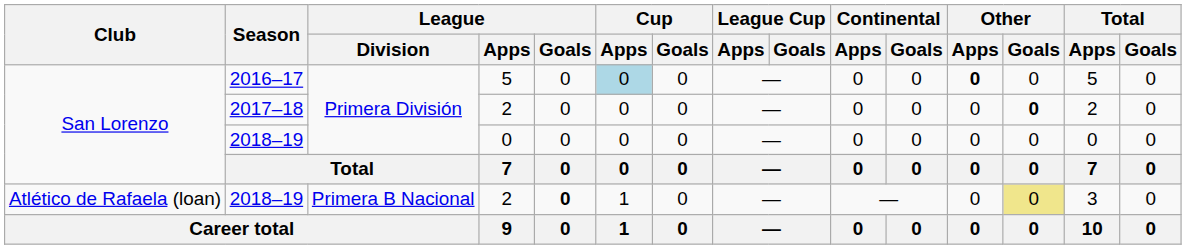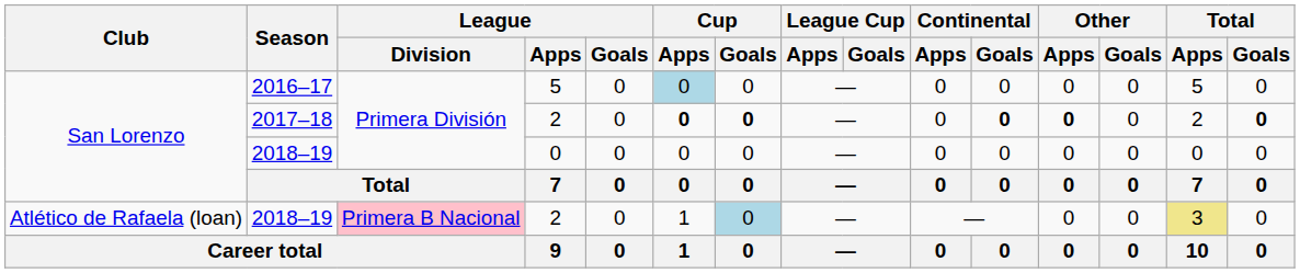 <table class="wikitable" style="text-align:center">
 <tr>
 <th rowspan="2">Club</th>
 <th rowspan="2">Season</th>
 <th colspan="3">League</th>
 <th colspan="2">Cup</th>
 <th colspan="2">League Cup</th>
 <th colspan="2">Continental</th>
 <th colspan="2">Other</th>
 <th colspan="2">Total</th>
 </tr>
 <tr>
 <th>Division</th>
 <th>Apps</th>
 <th>Goals</th>
 <th>Apps</th>
 <th>Goals</th>
 <th>Apps</th>
 <th>Goals</th>
 <th>Apps</th>
 <th>Goals</th>
 <th>Apps</th>
 <th>Goals</th>
 <th>Apps</th>
 <th>Goals</th>
 </tr>
 <tr>
 <td rowspan="4"><a href='#'>San Lorenzo</a></td>
 <td><a href='#'>2016–17</a></td>
 <td rowspan="3"><a href='#'>Primera División</a></td>
 <td>5</td>
 <td>0</td>
 <td style="background: lightblue;">0</td>
 <td>0</td>
 <td colspan="2">—</td>
 <td>0</td>
 <td>0</td>
-<td><strong>0</strong></td>
+<td>0</td>
 <td>0</td>
 <td>5</td>
 <td>0</td>
 </tr>
 <tr>
 <td><a href='#'>2017–18</a></td>
 <td>2</td>
 <td>0</td>
-<td>0</td>
-<td>0</td>
+<td><strong>0</strong></td>
+<td><strong>0</strong></td>
 <td colspan="2">—</td>
 <td>0</td>
+<td><strong>0</strong></td>
+<td><strong>0</strong></td>
 <td>0</td>
-<td>0</td>
+<td>2</td>
 <td><strong>0</strong></td>
-<td>2</td>
-<td>0</td>
 </tr>
 <tr>
 <td><a href='#'>2018–19</a></td>
 <td>0</td>
 <td>0</td>
 <td>0</td>
 <td>0</td>
 <td colspan="2">—</td>
 <td>0</td>
 <td>0</td>
 <td>0</td>
 <td>0</td>
 <td>0</td>
 <td>0</td>
 </tr>
 <tr>
 <th colspan="2">Total</th>
 <th>7</th>
 <th>0</th>
 <th>0</th>
 <th>0</th>
 <th colspan="2">—</th>
 <th>0</th>
 <th>0</th>
 <th>0</th>
 <th>0</th>
 <th>7</th>
 <th>0</th>
 </tr>
 <tr>
 <td rowspan="1"><a href='#'>Atlético de Rafaela</a> (loan)</td>
 <td><a href='#'>2018–19</a></td>
-<td rowspan="1"><a href='#'>Primera B Nacional</a></td>
+<td rowspan="1" style="background: pink;"><a href='#'>Primera B Nacional</a></td>
 <td>2</td>
-<td><strong>0</strong></td>
+<td>0</td>
 <td>1</td>
-<td>0</td>
+<td style="background: lightblue;">0</td>
 <td colspan="2">—</td>
 <td colspan="2">—</td>
 <td>0</td>
-<td style="background: khaki;">0</td>
-<td>3</td>
+<td>0</td>
+<td style="background: khaki;">3</td>
 <td>0</td>
 </tr>
 <tr>
 <th colspan="3">Career total</th>
 <th>9</th>
 <th>0</th>
 <th>1</th>
 <th>0</th>
 <th colspan="2">—</th>
 <th>0</th>
 <th>0</th>
 <th>0</th>
 <th>0</th>
 <th>10</th>
 <th>0</th>
 </tr>
 </table>
